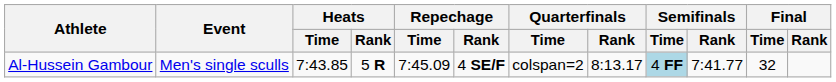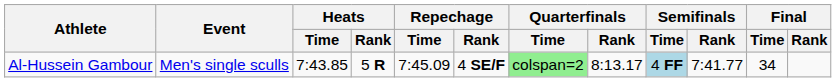 <table class="wikitable" style="font-size:90%">
 <tr>
 <th rowspan=2>Athlete</th>
 <th rowspan=2>Event</th>
 <th colspan="2">Heats</th>
 <th colspan="2">Repechage</th>
 <th colspan=2>Quarterfinals</th>
 <th colspan="2">Semifinals</th>
 <th colspan="2">Final</th>
 </tr>
 <tr style="font-size:95%">
 <th>Time</th>
 <th>Rank</th>
 <th>Time</th>
 <th>Rank</th>
 <th>Time</th>
 <th>Rank</th>
 <th>Time</th>
 <th>Rank</th>
 <th>Time</th>
 <th>Rank</th>
 </tr>
 <tr align=center>
 <td align=left><a href='#'>Al-Hussein Gambour</a></td>
 <td align=left><a href='#'>Men's single sculls</a></td>
 <td>7:43.85</td>
 <td>5 <strong>R</strong></td>
 <td>7:45.09</td>
 <td>4 <strong>SE/F</strong></td>
-<td>colspan=2 </td>
+<td style="background: lightgreen;">colspan=2 </td>
 <td>8:13.17</td>
 <td style="background: lightblue;">4 <strong>FF</strong></td>
 <td>7:41.77</td>
-<td>32</td>
+<td>34</td>
 </tr>
 </table>
